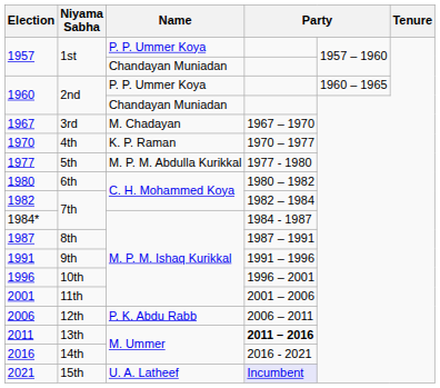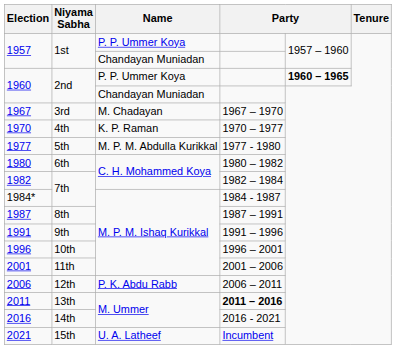 <table class="wikitable sortable">
 <tr>
 <th>Election</th>
 <th>Niyama<br>Sabha</th>
 <th>Name</th>
 <th colspan=2>Party</th>
 <th>Tenure</th>
 </tr>
 <tr>
 <td rowspan="2"><a href='#'>1957</a></td>
 <td rowspan="2">1st</td>
 <td><a href='#'>P. P. Ummer Koya</a></td>
 <td></td>
 <td rowspan="2">1957 – 1960</td>
 </tr>
 <tr>
 <td>Chandayan Muniadan</td>
 <td></td>
 </tr>
 <tr>
 <td rowspan="2"><a href='#'>1960</a></td>
 <td rowspan="2">2nd</td>
 <td>P. P. Ummer Koya</td>
 <td></td>
-<td>1960 – 1965</td>
+<td><strong>1960 – 1965</strong></td>
 </tr>
 <tr>
 <td>Chandayan Muniadan</td>
 <td></td>
 </tr>
 <tr>
 <td><a href='#'>1967</a></td>
 <td>3rd</td>
 <td>M. Chadayan</td>
 <td>1967 – 1970</td>
 </tr>
 <tr>
 <td><a href='#'>1970</a></td>
 <td>4th</td>
 <td>K. P. Raman</td>
 <td>1970 – 1977</td>
 </tr>
 <tr>
 <td><a href='#'>1977</a></td>
 <td>5th</td>
 <td>M. P. M. Abdulla Kurikkal</td>
 <td>1977 - 1980</td>
 </tr>
 <tr>
 <td><a href='#'>1980</a></td>
 <td>6th</td>
 <td rowspan="2"><a href='#'>C. H. Mohammed Koya</a></td>
 <td>1980 – 1982</td>
 </tr>
 <tr>
 <td><a href='#'>1982</a></td>
 <td rowspan="2">7th</td>
 <td>1982 – 1984</td>
 </tr>
 <tr>
 <td>1984*</td>
 <td rowspan="5"><a href='#'>M. P. M. Ishaq Kurikkal</a></td>
 <td>1984 - 1987</td>
 </tr>
 <tr>
 <td><a href='#'>1987</a></td>
 <td>8th</td>
 <td>1987 – 1991</td>
 </tr>
 <tr>
 <td><a href='#'>1991</a></td>
 <td>9th</td>
 <td>1991 – 1996</td>
 </tr>
 <tr>
 <td><a href='#'>1996</a></td>
 <td>10th</td>
 <td>1996 – 2001</td>
 </tr>
 <tr>
 <td><a href='#'>2001</a></td>
 <td>11th</td>
 <td>2001 – 2006</td>
 </tr>
 <tr>
 <td><a href='#'>2006</a></td>
 <td>12th</td>
 <td><a href='#'>P. K. Abdu Rabb</a></td>
 <td>2006 – 2011</td>
 </tr>
 <tr>
 <td><a href='#'>2011</a></td>
 <td>13th</td>
 <td rowspan="2"><a href='#'>M. Ummer</a></td>
 <td><strong>2011 – 2016</strong></td>
 </tr>
 <tr>
 <td><a href='#'>2016</a></td>
 <td>14th</td>
 <td>2016 - 2021</td>
 </tr>
 <tr>
 <td><a href='#'>2021</a></td>
 <td>15th</td>
 <td><a href='#'>U. A. Latheef</a></td>
-<td style="background: lavender;"><a href='#'>Incumbent</a></td>
+<td><a href='#'>Incumbent</a></td>
 </tr>
 </table>
